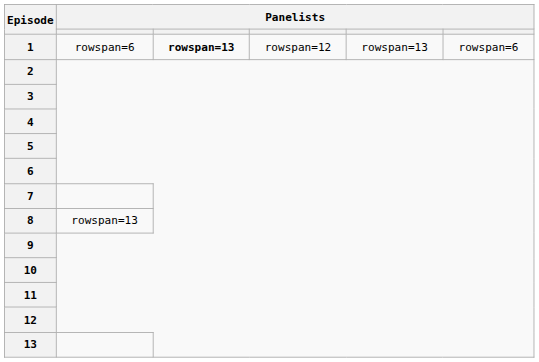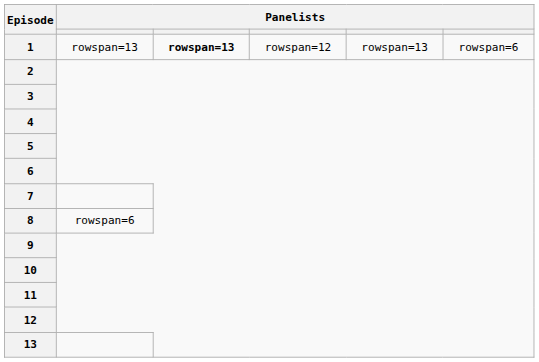 <table class="wikitable plainrowheaders mw-collapsible" style="text-align:center; line-height:23px; width:100%;">
 <tr>
 <th rowspan="2" width="1%">Episode</th>
 <th colspan="6">Panelists</th>
 </tr>
 <tr>
 <th width="20%"></th>
 <th width="20%"></th>
 <th width="20%"></th>
 <th width="20%"></th>
 <th width="20%"></th>
 </tr>
 <tr>
 <th>1</th>
-<td>rowspan=6 </td>
+<td>rowspan=13 </td>
 <td><strong>rowspan=13 </strong></td>
 <td>rowspan=12 </td>
 <td>rowspan=13 </td>
 <td>rowspan=6 </td>
 </tr>
 <tr>
 <th>2</th>
 </tr>
 <tr>
 <th>3</th>
 </tr>
 <tr>
 <th>4</th>
 </tr>
 <tr>
 <th>5</th>
 </tr>
 <tr>
 <th>6</th>
 </tr>
 <tr>
 <th>7</th>
 <td></td>
 </tr>
 <tr>
 <th>8</th>
-<td>rowspan=13 </td>
+<td>rowspan=6 </td>
 </tr>
 <tr>
 <th>9</th>
 </tr>
 <tr>
 <th>10</th>
 </tr>
 <tr>
 <th>11</th>
 </tr>
 <tr>
 <th>12</th>
 </tr>
 <tr>
 <th>13</th>
 <td></td>
 </tr>
 </table>
